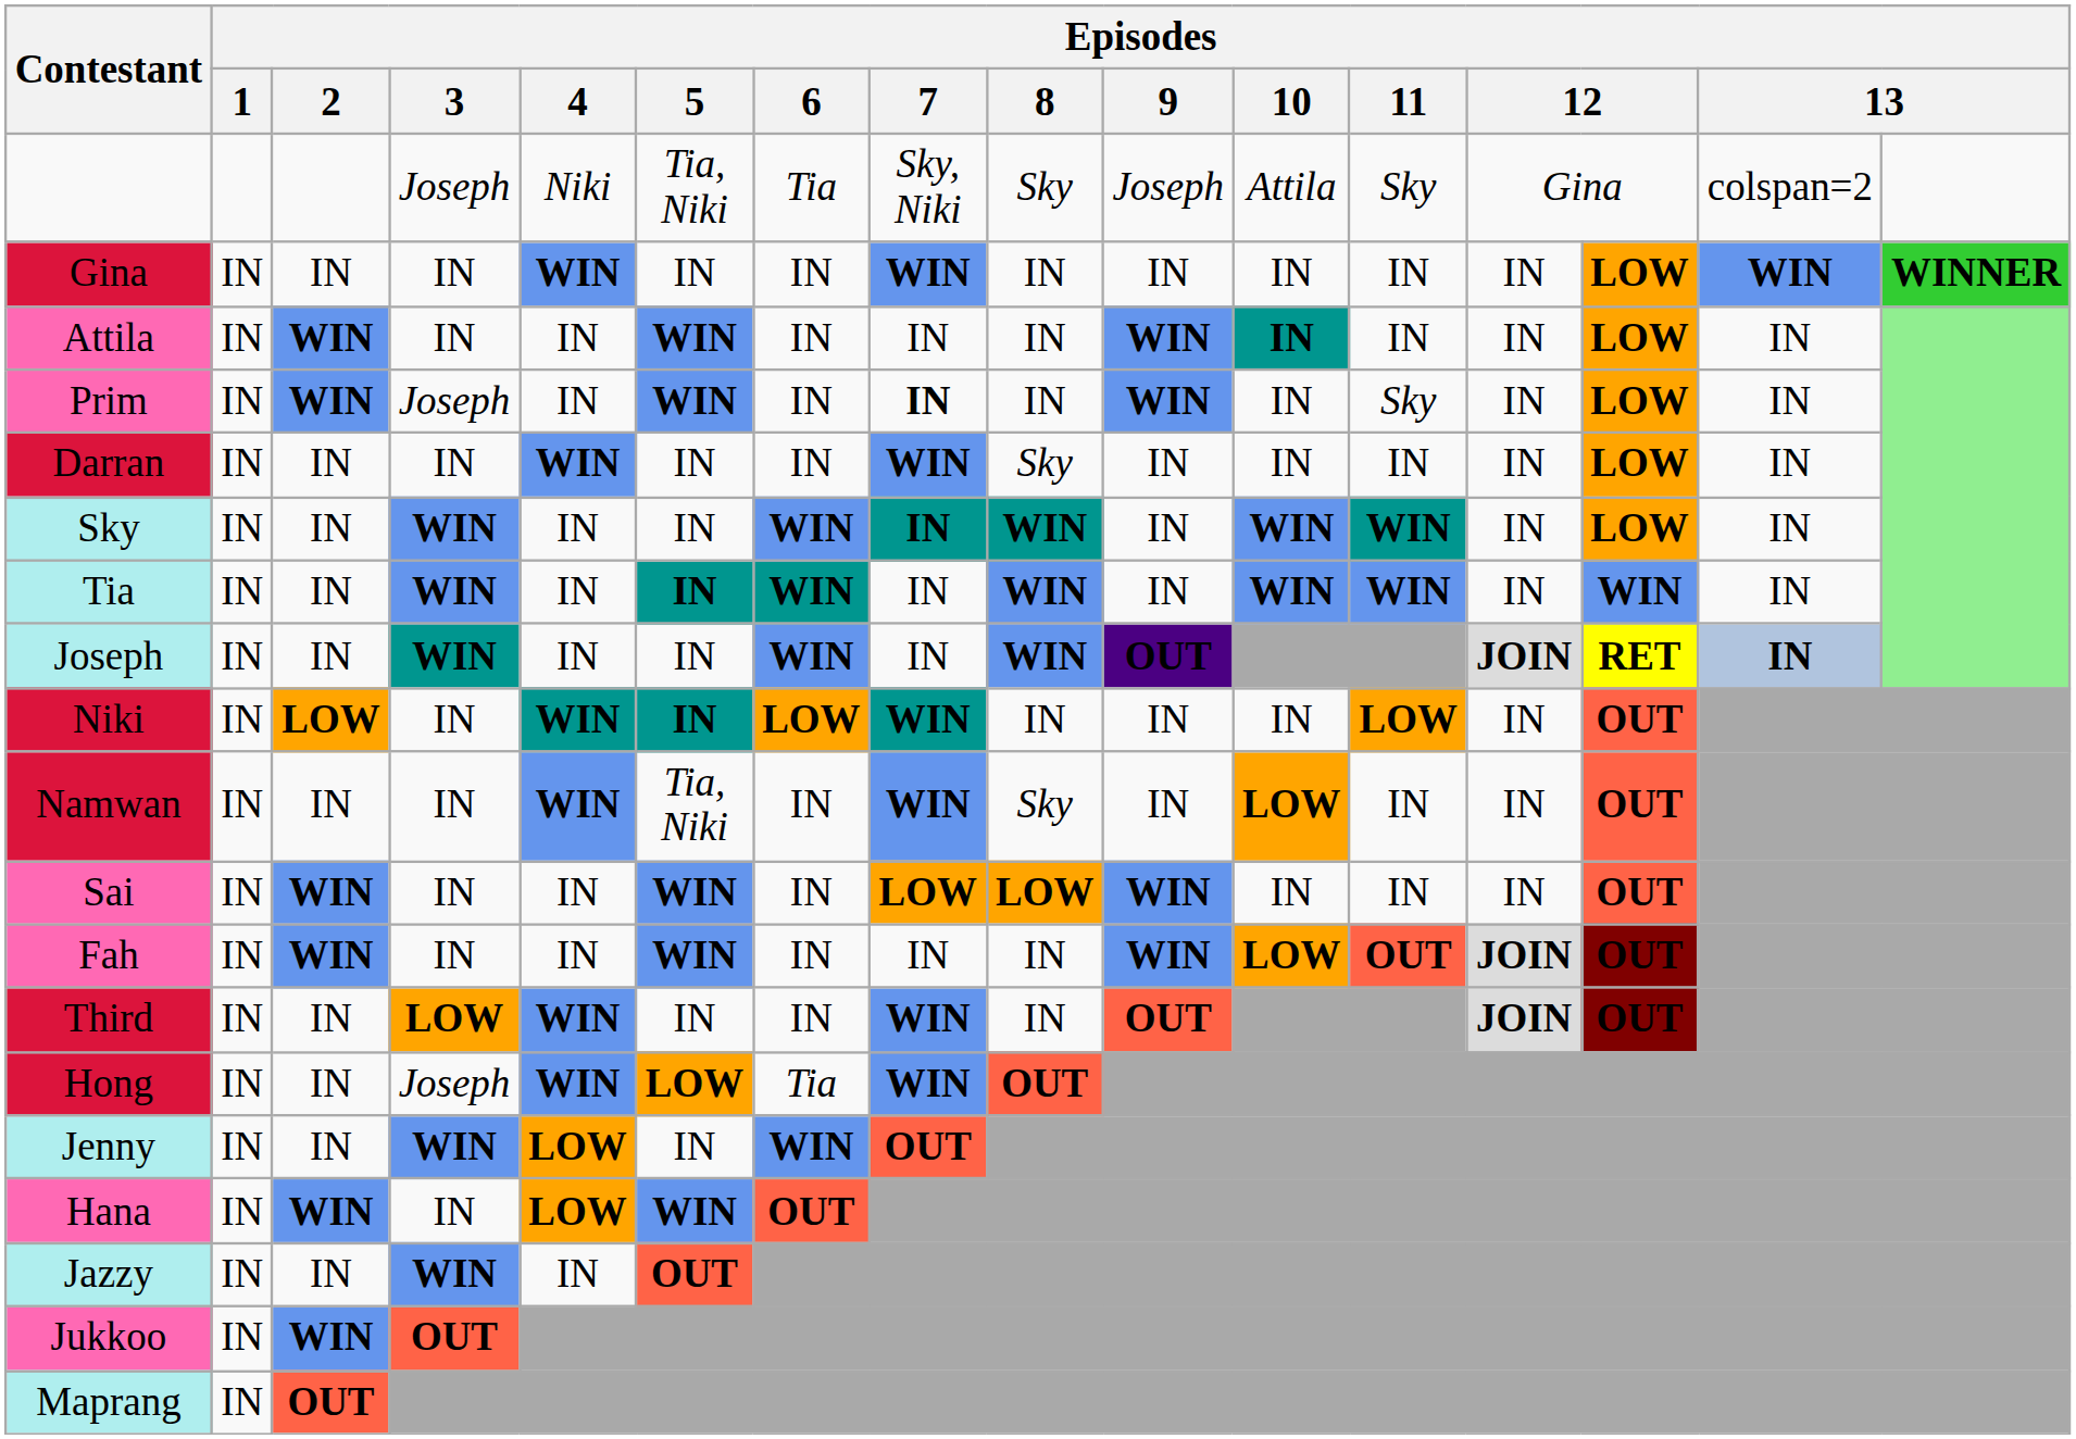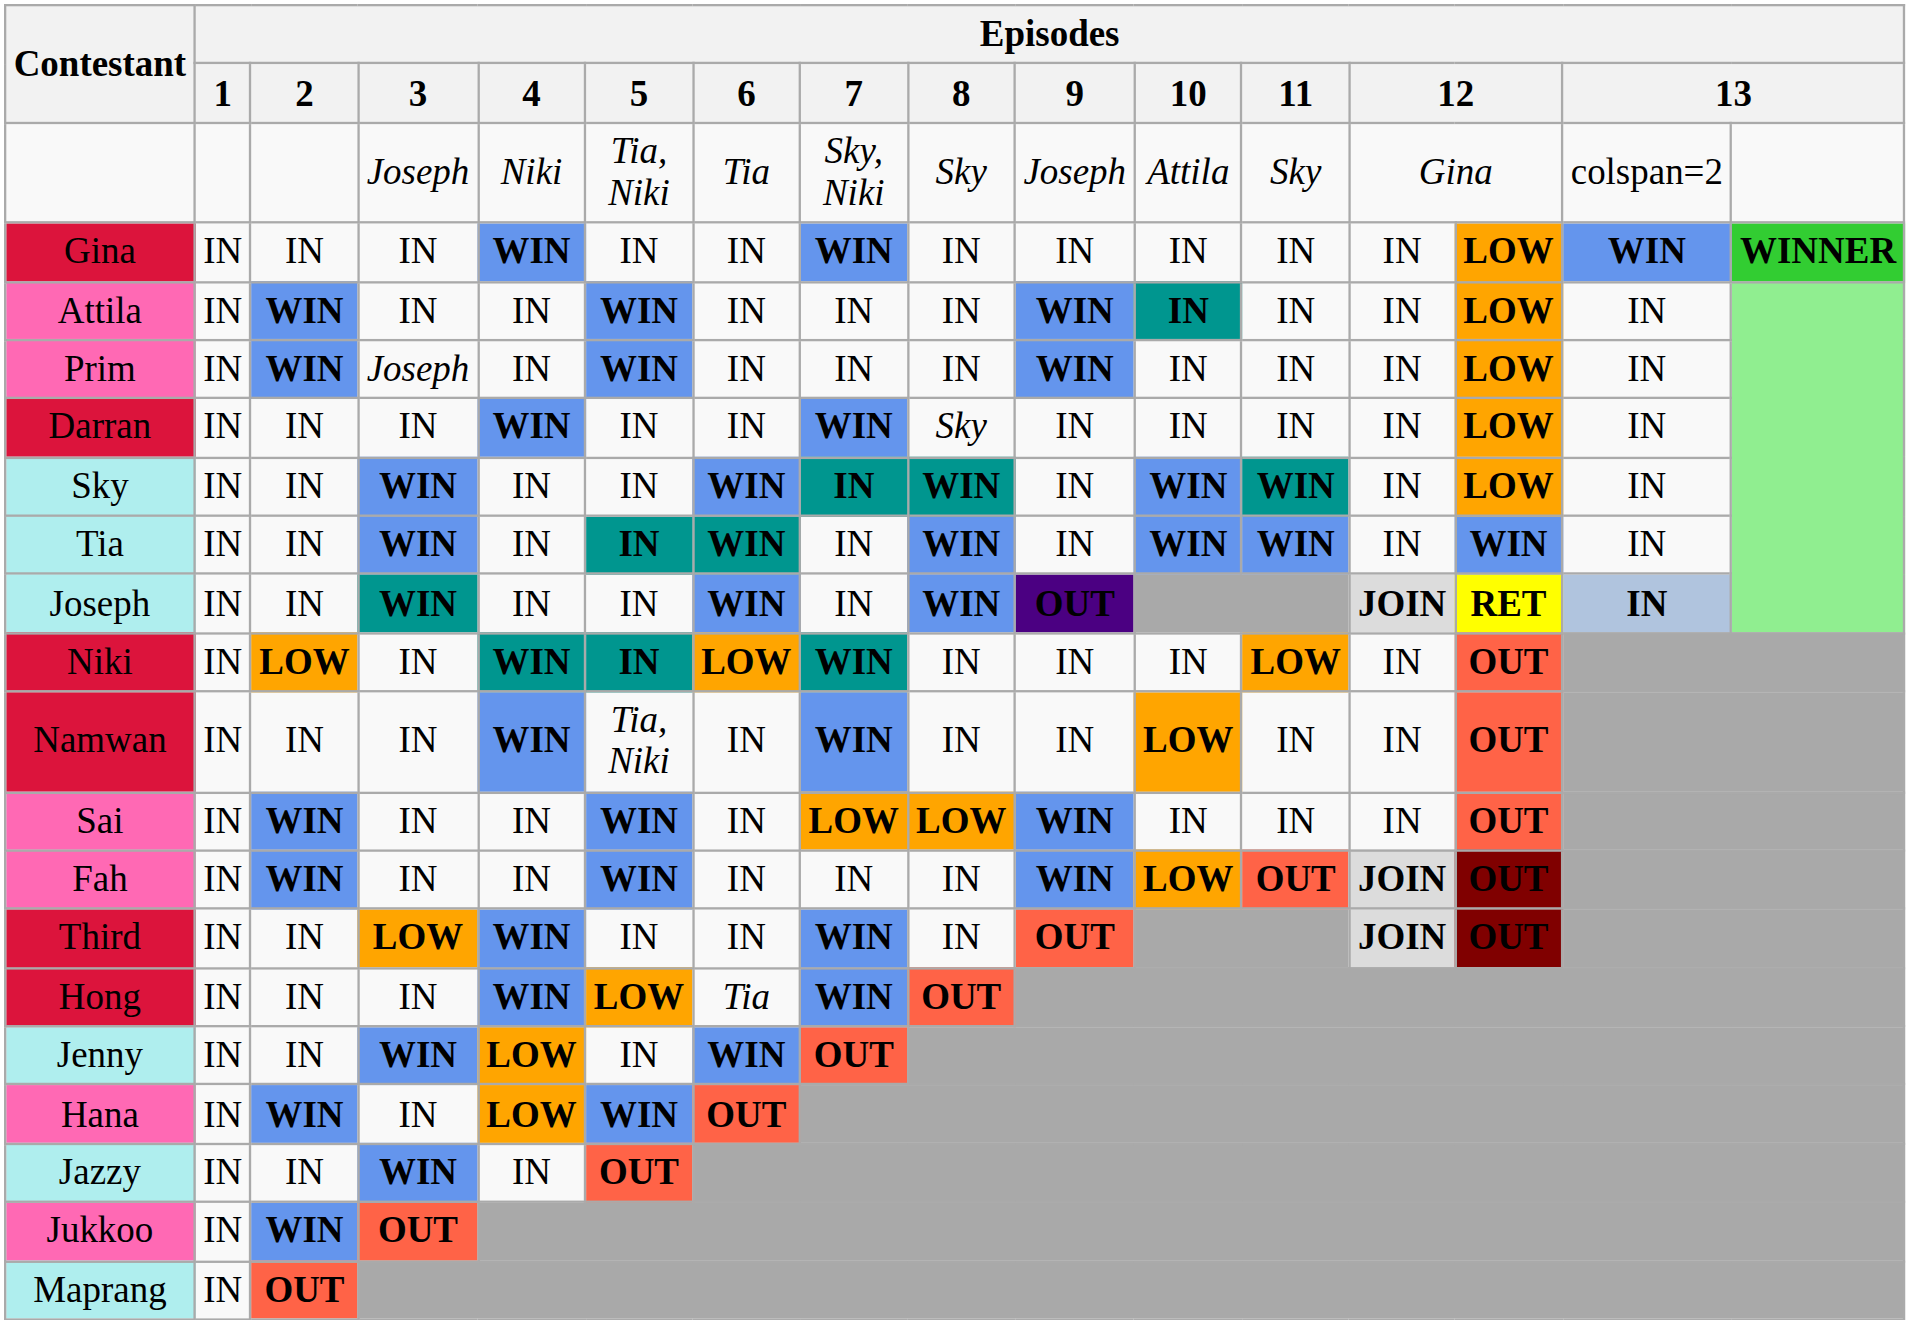 <table class="wikitable" style="text-align:center;">
 <tr>
 <th rowspan=2>Contestant</th>
 <th colspan=15>Episodes</th>
 </tr>
 <tr>
 <th style="width:60px;">1</th>
 <th style="width:60px;">2</th>
 <th style="width:60px;">3</th>
 <th style="width:60px;">4</th>
 <th style="width:60px;">5</th>
 <th style="width:60px;">6</th>
 <th style="width:60px;">7</th>
 <th style="width:60px;">8</th>
 <th style="width:60px;">9</th>
 <th style="width:60px;">10</th>
 <th style="width:60px;">11</th>
 <th colspan="2">12</th>
 <th colspan="2">13</th>
 </tr>
 <tr>
 <td></td>
 <td></td>
 <td></td>
 <td><em>Joseph</em></td>
 <td><em>Niki</em></td>
 <td><em>Tia,<br>Niki</em></td>
 <td><em>Tia</em></td>
 <td><em>Sky,<br>Niki</em></td>
 <td><em>Sky</em></td>
 <td><em>Joseph</em></td>
 <td><em>Attila</em></td>
 <td><em>Sky</em></td>
 <td colspan="2"><em>Gina</em></td>
 <td>colspan=2 </td>
 </tr>
 <tr>
 <td style="background:crimson;"><span>Gina</span></td>
 <td>IN</td>
 <td>IN</td>
 <td>IN</td>
 <td style="background:cornflowerblue;"><strong>WIN</strong></td>
 <td>IN</td>
 <td>IN</td>
 <td style="background:cornflowerblue;"><strong>WIN</strong></td>
 <td>IN</td>
 <td>IN</td>
 <td>IN</td>
 <td>IN</td>
 <td>IN</td>
 <td style="background:orange;"><strong>LOW</strong></td>
 <td style="background:cornflowerblue;"><strong>WIN</strong></td>
 <td style="background:limegreen;"><strong>WINNER</strong></td>
 </tr>
 <tr>
 <td style="background:hotpink;">Attila</td>
 <td>IN</td>
 <td style="background:cornflowerblue;"><strong>WIN</strong></td>
 <td>IN</td>
 <td>IN</td>
 <td style="background:cornflowerblue;"><strong>WIN</strong></td>
 <td>IN</td>
 <td>IN</td>
 <td>IN</td>
 <td style="background:cornflowerblue;"><strong>WIN</strong></td>
 <td style="background:#00968f"><span><strong>IN</strong></span></td>
 <td>IN</td>
 <td>IN</td>
 <td style="background:orange;"><strong>LOW</strong></td>
 <td>IN</td>
 <td rowspan=6 style="background:lightgreen;"></td>
 </tr>
 <tr>
 <td style="background:hotpink;">Prim</td>
 <td>IN</td>
 <td style="background:cornflowerblue;"><strong>WIN</strong></td>
 <td><em>Joseph</em></td>
 <td>IN</td>
 <td style="background:cornflowerblue;"><strong>WIN</strong></td>
 <td>IN</td>
-<td><strong>IN</strong></td>
+<td>IN</td>
 <td>IN</td>
 <td style="background:cornflowerblue;"><strong>WIN</strong></td>
 <td>IN</td>
-<td><em>Sky</em></td>
+<td>IN</td>
 <td>IN</td>
 <td style="background:orange;"><strong>LOW</strong></td>
 <td>IN</td>
 </tr>
 <tr>
 <td style="background:crimson;"><span>Darran</span></td>
 <td>IN</td>
 <td>IN</td>
 <td>IN</td>
 <td style="background:cornflowerblue;"><strong>WIN</strong></td>
 <td>IN</td>
 <td>IN</td>
 <td style="background:cornflowerblue;"><strong>WIN</strong></td>
 <td><em>Sky</em></td>
 <td>IN</td>
 <td>IN</td>
 <td>IN</td>
 <td>IN</td>
 <td style="background:orange;"><strong>LOW</strong></td>
 <td>IN</td>
 </tr>
 <tr>
 <td style="background:paleturquoise;">Sky</td>
 <td>IN</td>
 <td>IN</td>
 <td style="background:cornflowerblue;"><strong>WIN</strong></td>
 <td>IN</td>
 <td>IN</td>
 <td style="background:cornflowerblue;"><strong>WIN</strong></td>
 <td style="background:#00968f"><span><strong>IN</strong></span></td>
 <td style="background:#00968f"><span><strong>WIN</strong></span></td>
 <td>IN</td>
 <td style="background:cornflowerblue;"><strong>WIN</strong></td>
 <td style="background:#00968f"><span><strong>WIN</strong></span></td>
 <td>IN</td>
 <th style="background:orange;"><strong>LOW</strong></th>
 <td>IN</td>
 </tr>
 <tr>
 <td style="background:paleturquoise;">Tia</td>
 <td>IN</td>
 <td>IN</td>
 <td style="background:cornflowerblue;"><strong>WIN</strong></td>
 <td>IN</td>
 <td style="background:#00968f"><span><strong>IN</strong></span></td>
 <td style="background:#00968f"><span><strong>WIN</strong></span></td>
 <td>IN</td>
 <td style="background:cornflowerblue;"><strong>WIN</strong></td>
 <td>IN</td>
 <td style="background:cornflowerblue;"><strong>WIN</strong></td>
 <td style="background:cornflowerblue;"><strong>WIN</strong></td>
 <td>IN</td>
 <td style="background:cornflowerblue;"><strong>WIN</strong></td>
 <td>IN</td>
 </tr>
 <tr>
 <td style="background:paleturquoise;">Joseph</td>
 <td>IN</td>
 <td>IN</td>
 <td style="background:#00968f"><span><strong>WIN</strong></span></td>
 <td>IN</td>
 <td>IN</td>
 <td style="background:cornflowerblue;"><strong>WIN</strong></td>
 <td>IN</td>
 <td style="background:cornflowerblue;"><strong>WIN</strong></td>
 <td style="background:indigo"><span><strong>OUT</strong></span></td>
 <td colspan="2" style="background:darkgrey;"></td>
 <td style="background:Gainsboro;"><strong>JOIN</strong></td>
 <td width="50" style="background:yellow;"><strong>RET</strong></td>
 <td width="50" style="background:lightsteelblue;"><strong>IN</strong></td>
 </tr>
 <tr>
 <td style="background:crimson;"><span>Niki</span></td>
 <td>IN</td>
 <td style="background:orange;"><strong>LOW</strong></td>
 <td>IN</td>
 <td style="background:#00968f"><span><strong>WIN</strong></span></td>
 <td style="background:#00968f"><span><strong>IN</strong></span></td>
 <td style="background:orange;"><strong>LOW</strong></td>
 <td style="background:#00968f"><span><strong>WIN</strong></span></td>
 <td>IN</td>
 <td>IN</td>
 <td>IN</td>
 <td style="background:orange;"><strong>LOW</strong></td>
 <td>IN</td>
 <td style="background:tomato;"><strong>OUT</strong></td>
 <td style="background:darkgrey;" colspan="2"></td>
 </tr>
 <tr>
 <td style="background:crimson;"><span>Namwan</span></td>
 <td>IN</td>
 <td>IN</td>
 <td>IN</td>
 <td style="background:cornflowerblue;"><strong>WIN</strong></td>
 <td><em>Tia,<br>Niki</em></td>
 <td>IN</td>
 <td style="background:cornflowerblue;"><strong>WIN</strong></td>
-<td><em>Sky</em></td>
+<td>IN</td>
 <td>IN</td>
 <td style="background:orange;"><strong>LOW</strong></td>
 <td>IN</td>
 <td>IN</td>
 <td style="background:tomato;"><strong>OUT</strong></td>
 <td style="background:darkgrey;" colspan="2"></td>
 </tr>
 <tr>
 <td style="background:hotpink;">Sai</td>
 <td>IN</td>
 <td style="background:cornflowerblue;"><strong>WIN</strong></td>
 <td>IN</td>
 <td>IN</td>
 <td style="background:cornflowerblue;"><strong>WIN</strong></td>
 <td>IN</td>
 <td style="background:orange;"><strong>LOW</strong></td>
 <td style="background:orange;"><strong>LOW</strong></td>
 <td style="background:cornflowerblue;"><strong>WIN</strong></td>
 <td>IN</td>
 <td>IN</td>
 <td>IN</td>
 <td style="background:tomato;"><strong>OUT</strong></td>
 <td style="background:darkgrey;" colspan="2"></td>
 </tr>
 <tr>
 <td style="background:hotpink;">Fah</td>
 <td>IN</td>
 <td style="background:cornflowerblue;"><strong>WIN</strong></td>
 <td>IN</td>
 <td>IN</td>
 <td style="background:cornflowerblue;"><strong>WIN</strong></td>
 <td>IN</td>
 <td>IN</td>
 <td>IN</td>
 <td style="background:cornflowerblue;"><strong>WIN</strong></td>
 <td style="background:orange;"><strong>LOW</strong></td>
 <td style="background:tomato;"><strong>OUT</strong></td>
 <td style="background:Gainsboro;"><strong>JOIN</strong></td>
 <td style="background:maroon;"><span><strong>OUT</strong></span></td>
 <td style="background:darkgrey;" colspan="2"></td>
 </tr>
 <tr>
 <td style="background:crimson;"><span>Third</span></td>
 <td>IN</td>
 <td>IN</td>
 <td style="background:orange;"><strong>LOW</strong></td>
 <td style="background:cornflowerblue;"><strong>WIN</strong></td>
 <td>IN</td>
 <td>IN</td>
 <td style="background:cornflowerblue;"><strong>WIN</strong></td>
 <td>IN</td>
 <td style="background:tomato;"><strong>OUT</strong></td>
 <td style="background:darkgrey;" colspan="2"></td>
 <td style="background:Gainsboro;"><strong>JOIN</strong></td>
 <td style="background:maroon;"><span><strong>OUT</strong></span></td>
 <td style="background:darkgrey;" colspan="2"></td>
 </tr>
 <tr>
 <td style="background:crimson;"><span>Hong</span></td>
 <td>IN</td>
 <td>IN</td>
-<td><em>Joseph</em></td>
+<td>IN</td>
 <td style="background:cornflowerblue;"><strong>WIN</strong></td>
 <td style="background:orange;"><strong>LOW</strong></td>
 <td><em>Tia</em></td>
 <td style="background:cornflowerblue;"><strong>WIN</strong></td>
 <td style="background:tomato;"><strong>OUT</strong></td>
 <td colspan=7 style="background:darkgray;"></td>
 </tr>
 <tr>
 <td style="background:paleturquoise;">Jenny</td>
 <td>IN</td>
 <td>IN</td>
 <td style="background:cornflowerblue;"><strong>WIN</strong></td>
 <td style="background:orange;"><strong>LOW</strong></td>
 <td>IN</td>
 <td style="background:cornflowerblue;"><strong>WIN</strong></td>
 <td style="background:tomato;"><strong>OUT</strong></td>
 <td colspan=8 style="background:darkgray;"></td>
 </tr>
 <tr>
 <td style="background:hotpink;">Hana</td>
 <td>IN</td>
 <td style="background:cornflowerblue;"><strong>WIN</strong></td>
 <td>IN</td>
 <td style="background:orange;"><strong>LOW</strong></td>
 <td style="background:cornflowerblue;"><strong>WIN</strong></td>
 <td style="background:tomato;"><strong>OUT</strong></td>
 <td colspan=9  style="background:darkgray;"></td>
 </tr>
 <tr>
 <td style="background:paleturquoise;">Jazzy</td>
 <td>IN</td>
 <td>IN</td>
 <td style="background:cornflowerblue;"><strong>WIN</strong></td>
 <td>IN</td>
 <td style="background:tomato;"><strong>OUT</strong></td>
 <td colspan=10  style="background:darkgray;"></td>
 </tr>
 <tr>
 <td style="background:hotpink;">Jukkoo</td>
 <td>IN</td>
 <td style="background:cornflowerblue;"><strong>WIN</strong></td>
 <td style="background:tomato;"><strong>OUT</strong></td>
 <td colspan=12  style="background:darkgray;"></td>
 </tr>
 <tr>
 <td style="background:paleturquoise;">Maprang</td>
 <td>IN</td>
 <td style="background:tomato;"><strong>OUT</strong></td>
 <td colspan=13 style="background:darkgray;"></td>
 </tr>
 </table>
